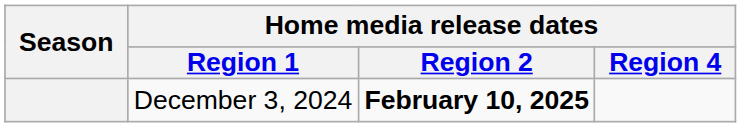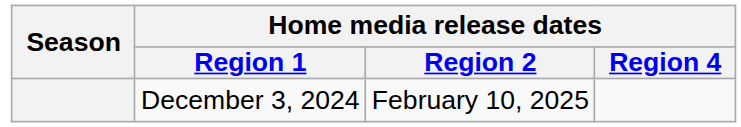 <table class="wikitable plainrowheaders" style="float:right; text-align:center; margin:10px;">
 <tr>
 <th scope="col" style="padding:0 8px;" rowspan="2">Season</th>
 <th scope="col" colspan="3">Home media release dates</th>
 </tr>
 <tr>
 <th scope="col" style="padding: 0 8px"><a href='#'>Region 1</a></th>
 <th scope="col" style="padding: 0 8px"><a href='#'>Region 2</a></th>
 <th scope="col" style="padding: 0 8px"><a href='#'>Region 4</a></th>
 </tr>
 <tr>
 <th></th>
 <td>December 3, 2024</td>
-<td><strong>February 10, 2025</strong></td>
+<td>February 10, 2025</td>
 <td><br></td>
 </tr>
 </table>
